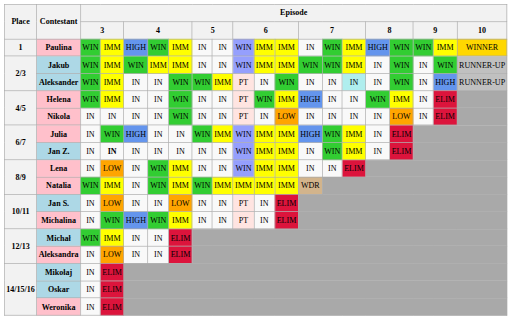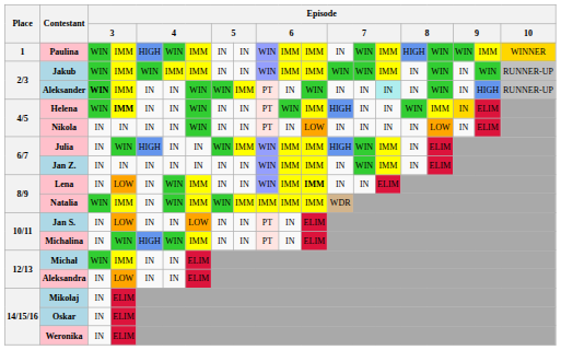 <table class="wikitable" style="text-align: center; font-size: 9pt; line-height:20px;">
 <tr>
 <th rowspan="2">Place</th>
 <th rowspan="2">Contestant</th>
 <th colspan="18">Episode</th>
 </tr>
 <tr>
 <th colspan="2">3</th>
 <th colspan="3">4</th>
 <th colspan="2">5</th>
 <th colspan="3">6</th>
 <th colspan="3">7</th>
 <th colspan="2">8</th>
 <th colspan="2">9</th>
 <th>10</th>
 </tr>
 <tr>
 <th>1</th>
 <th style="background:pink">Paulina</th>
 <td bgcolor=limegreen>WIN</td>
 <td bgcolor=yellow>IMM</td>
 <td bgcolor=cornflowerblue>HIGH</td>
 <td bgcolor=limegreen>WIN</td>
 <td bgcolor=yellow>IMM</td>
 <td>IN</td>
 <td>IN</td>
 <td bgcolor=#959FFD>WIN</td>
 <td bgcolor=yellow>IMM</td>
 <td bgcolor=yellow>IMM</td>
 <td>IN</td>
 <td bgcolor=limegreen>WIN</td>
 <td bgcolor=yellow>IMM</td>
 <td bgcolor=cornflowerblue>HIGH</td>
 <td bgcolor=limegreen>WIN</td>
 <td bgcolor=limegreen>WIN</td>
 <td bgcolor=yellow>IMM</td>
 <td bgcolor=gold>WINNER</td>
 </tr>
 <tr>
 <th rowspan=2>2/3</th>
 <th style="background:lightblue">Jakub</th>
 <td bgcolor=limegreen>WIN</td>
 <td bgcolor=yellow>IMM</td>
 <td bgcolor=limegreen>WIN</td>
 <td bgcolor=yellow>IMM</td>
 <td bgcolor=yellow>IMM</td>
 <td>IN</td>
 <td>IN</td>
 <td bgcolor=#959FFD>WIN</td>
 <td bgcolor=yellow>IMM</td>
 <td bgcolor=yellow>IMM</td>
 <td bgcolor=limegreen>WIN</td>
 <td bgcolor=limegreen>WIN</td>
 <td bgcolor=yellow>IMM</td>
 <td>IN</td>
 <td bgcolor=limegreen>WIN</td>
 <td>IN</td>
 <td bgcolor=limegreen>WIN</td>
 <td bgcolor=silver>RUNNER-UP</td>
 </tr>
 <tr>
 <th style="background:lightblue">Aleksander</th>
-<td bgcolor=limegreen>WIN</td>
+<td bgcolor=limegreen><strong>WIN</strong></td>
 <td bgcolor=yellow>IMM</td>
 <td>IN</td>
 <td>IN</td>
 <td bgcolor=limegreen>WIN</td>
 <td bgcolor=limegreen>WIN</td>
 <td bgcolor=yellow>IMM</td>
 <td bgcolor=mistyrose>PT</td>
 <td>IN</td>
 <td bgcolor=limegreen>WIN</td>
 <td>IN</td>
 <td>IN</td>
 <td style="background: paleturquoise;">IN</td>
 <td>IN</td>
 <td bgcolor=limegreen>WIN</td>
 <td>IN</td>
 <td bgcolor=cornflowerblue>HIGH</td>
 <td bgcolor=silver>RUNNER-UP</td>
 </tr>
 <tr>
 <th rowspan=2>4/5</th>
 <th style="background:pink">Helena</th>
 <td bgcolor=limegreen>WIN</td>
-<td bgcolor=yellow>IMM</td>
+<td bgcolor=yellow><strong>IMM</strong></td>
 <td>IN</td>
 <td>IN</td>
 <td bgcolor=limegreen>WIN</td>
 <td>IN</td>
 <td>IN</td>
 <td bgcolor=mistyrose>PT</td>
 <td bgcolor=limegreen>WIN</td>
 <td bgcolor=yellow>IMM</td>
 <td bgcolor=cornflowerblue>HIGH</td>
 <td>IN</td>
 <td>IN</td>
 <td bgcolor=limegreen>WIN</td>
 <td bgcolor=yellow>IMM</td>
-<td>IN</td>
+<td style="background: gold;">IN</td>
 <td bgcolor=crimson>ELIM</td>
 <td bgcolor="darkgrey"></td>
 </tr>
 <tr>
 <th style="background:pink">Nikola</th>
 <td>IN</td>
 <td>IN</td>
 <td>IN</td>
 <td>IN</td>
 <td bgcolor=limegreen>WIN</td>
 <td>IN</td>
 <td>IN</td>
 <td bgcolor=mistyrose>PT</td>
 <td>IN</td>
 <td bgcolor=orange>LOW</td>
 <td>IN</td>
 <td>IN</td>
 <td>IN</td>
 <td>IN</td>
 <td bgcolor=orange>LOW</td>
 <td>IN</td>
 <td bgcolor=crimson>ELIM</td>
 <td bgcolor="darkgrey"></td>
 </tr>
 <tr>
 <th rowspan=2>6/7</th>
 <th style="background:pink">Julia</th>
 <td>IN</td>
 <td bgcolor=limegreen>WIN</td>
 <td bgcolor=cornflowerblue>HIGH</td>
 <td>IN</td>
 <td>IN</td>
 <td bgcolor=limegreen>WIN</td>
 <td bgcolor=yellow>IMM</td>
 <td bgcolor=#959FFD>WIN</td>
 <td bgcolor=yellow>IMM</td>
 <td bgcolor=yellow>IMM</td>
 <td bgcolor=cornflowerblue>HIGH</td>
 <td bgcolor=limegreen>WIN</td>
 <td bgcolor=yellow>IMM</td>
 <td>IN</td>
 <td bgcolor=crimson>ELIM</td>
 <td colspan="3" bgcolor="darkgrey"></td>
 </tr>
 <tr>
 <th style="background:lightblue">Jan Z.</th>
 <td>IN</td>
-<td><strong>IN</strong></td>
+<td>IN</td>
 <td>IN</td>
 <td>IN</td>
 <td>IN</td>
 <td>IN</td>
 <td>IN</td>
 <td bgcolor=#959FFD>WIN</td>
 <td bgcolor=yellow>IMM</td>
 <td bgcolor=yellow>IMM</td>
 <td>IN</td>
 <td bgcolor=limegreen>WIN</td>
 <td bgcolor=yellow>IMM</td>
 <td>IN</td>
 <td bgcolor=crimson>ELIM</td>
 <td colspan="3" bgcolor="darkgrey"></td>
 </tr>
 <tr>
 <th rowspan=2>8/9</th>
 <th style="background:pink">Lena</th>
 <td>IN</td>
 <td bgcolor=orange>LOW</td>
 <td>IN</td>
 <td bgcolor=limegreen>WIN</td>
 <td bgcolor=yellow>IMM</td>
 <td>IN</td>
 <td>IN</td>
 <td bgcolor=#959FFD>WIN</td>
 <td bgcolor=yellow>IMM</td>
-<td bgcolor=yellow>IMM</td>
+<td bgcolor=yellow><strong>IMM</strong></td>
 <td>IN</td>
 <td>IN</td>
 <td bgcolor=crimson>ELIM</td>
 <td colspan="5" bgcolor="darkgrey"></td>
 </tr>
 <tr>
 <th style="background:pink">Natalia</th>
 <td bgcolor=limegreen>WIN</td>
 <td bgcolor=yellow>IMM</td>
 <td>IN</td>
 <td bgcolor=limegreen>WIN</td>
 <td bgcolor=yellow>IMM</td>
 <td bgcolor=limegreen>WIN</td>
 <td bgcolor=yellow>IMM</td>
 <td bgcolor=yellow>IMM</td>
 <td bgcolor=yellow>IMM</td>
 <td bgcolor=yellow>IMM</td>
 <td bgcolor=tan>WDR</td>
 <td colspan="7" bgcolor="darkgrey"></td>
 </tr>
 <tr>
 <th rowspan=2>10/11</th>
 <th style="background:lightblue">Jan S.</th>
 <td>IN</td>
 <td bgcolor=orange>LOW</td>
 <td>IN</td>
 <td>IN</td>
 <td bgcolor=orange>LOW</td>
 <td>IN</td>
 <td>IN</td>
 <td bgcolor=mistyrose>PT</td>
 <td>IN</td>
 <td bgcolor=crimson>ELIM</td>
 <td colspan="8" bgcolor="darkgrey"></td>
 </tr>
 <tr>
 <th style="background:pink">Michalina</th>
 <td>IN</td>
 <td bgcolor=limegreen>WIN</td>
 <td bgcolor=cornflowerblue>HIGH</td>
 <td bgcolor=limegreen>WIN</td>
 <td bgcolor=yellow>IMM</td>
 <td>IN</td>
 <td>IN</td>
 <td bgcolor=mistyrose>PT</td>
 <td>IN</td>
 <td bgcolor=crimson>ELIM</td>
 <td colspan="8" bgcolor="darkgrey"></td>
 </tr>
 <tr>
 <th rowspan=2>12/13</th>
 <th style="background:lightblue">Michał</th>
 <td bgcolor=limegreen>WIN</td>
 <td bgcolor=yellow>IMM</td>
 <td>IN</td>
 <td>IN</td>
 <td bgcolor=crimson>ELIM</td>
 <td colspan="13" bgcolor="darkgrey"></td>
 </tr>
 <tr>
 <th style="background:pink">Aleksandra</th>
 <td>IN</td>
 <td bgcolor=orange>LOW</td>
 <td>IN</td>
 <td>IN</td>
 <td bgcolor=crimson>ELIM</td>
 <td colspan="13" bgcolor="darkgrey"></td>
 </tr>
 <tr>
 <th rowspan=3>14/15/16</th>
 <th style="background:lightblue">Mikołaj</th>
 <td>IN</td>
 <td bgcolor=crimson>ELIM</td>
 <td colspan="16" bgcolor="darkgrey"></td>
 </tr>
 <tr>
 <th style="background:lightblue">Oskar</th>
 <td>IN</td>
 <td bgcolor=crimson>ELIM</td>
 <td colspan="16" bgcolor="darkgrey"></td>
 </tr>
 <tr>
 <th style="background:pink">Weronika</th>
 <td>IN</td>
 <td bgcolor=crimson>ELIM</td>
 <td colspan="16" bgcolor="darkgrey"></td>
 </tr>
 </table>
